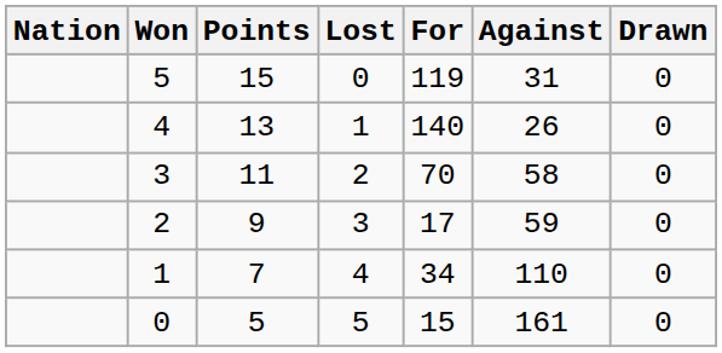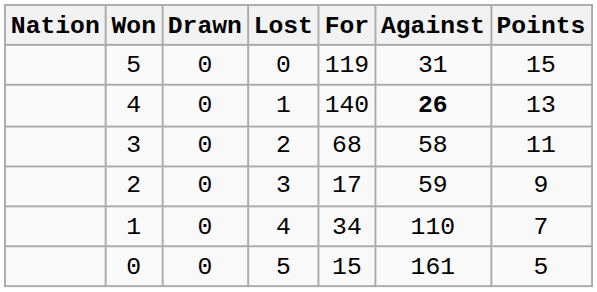 <table class="wikitable" style="text-align: center;">
 <tr>
 <th>Nation</th>
 <th>Won</th>
-<th>Points</th>
+<th>Drawn</th>
 <th>Lost</th>
 <th>For</th>
 <th>Against</th>
-<th>Drawn</th>
+<th>Points</th>
 </tr>
 <tr>
 <td align="left"></td>
 <td>5</td>
-<td>15</td>
+<td>0</td>
 <td>0</td>
 <td>119</td>
 <td>31</td>
-<td>0</td>
+<td>15</td>
 </tr>
 <tr>
 <td align="left"></td>
 <td>4</td>
-<td>13</td>
+<td>0</td>
 <td>1</td>
 <td>140</td>
-<td>26</td>
-<td>0</td>
+<td><strong>26</strong></td>
+<td>13</td>
 </tr>
 <tr>
 <td align="left"></td>
 <td>3</td>
+<td>0</td>
+<td>2</td>
+<td>68</td>
+<td>58</td>
 <td>11</td>
-<td>2</td>
-<td>70</td>
-<td>58</td>
-<td>0</td>
 </tr>
 <tr>
 <td align="left"></td>
 <td>2</td>
-<td>9</td>
+<td>0</td>
 <td>3</td>
 <td>17</td>
 <td>59</td>
-<td>0</td>
+<td>9</td>
 </tr>
 <tr>
 <td align="left"></td>
 <td>1</td>
-<td>7</td>
+<td>0</td>
 <td>4</td>
 <td>34</td>
 <td>110</td>
-<td>0</td>
+<td>7</td>
 </tr>
 <tr>
 <td align="left"></td>
 <td>0</td>
-<td>5</td>
+<td>0</td>
 <td>5</td>
 <td>15</td>
 <td>161</td>
-<td>0</td>
+<td>5</td>
 </tr>
 </table>
